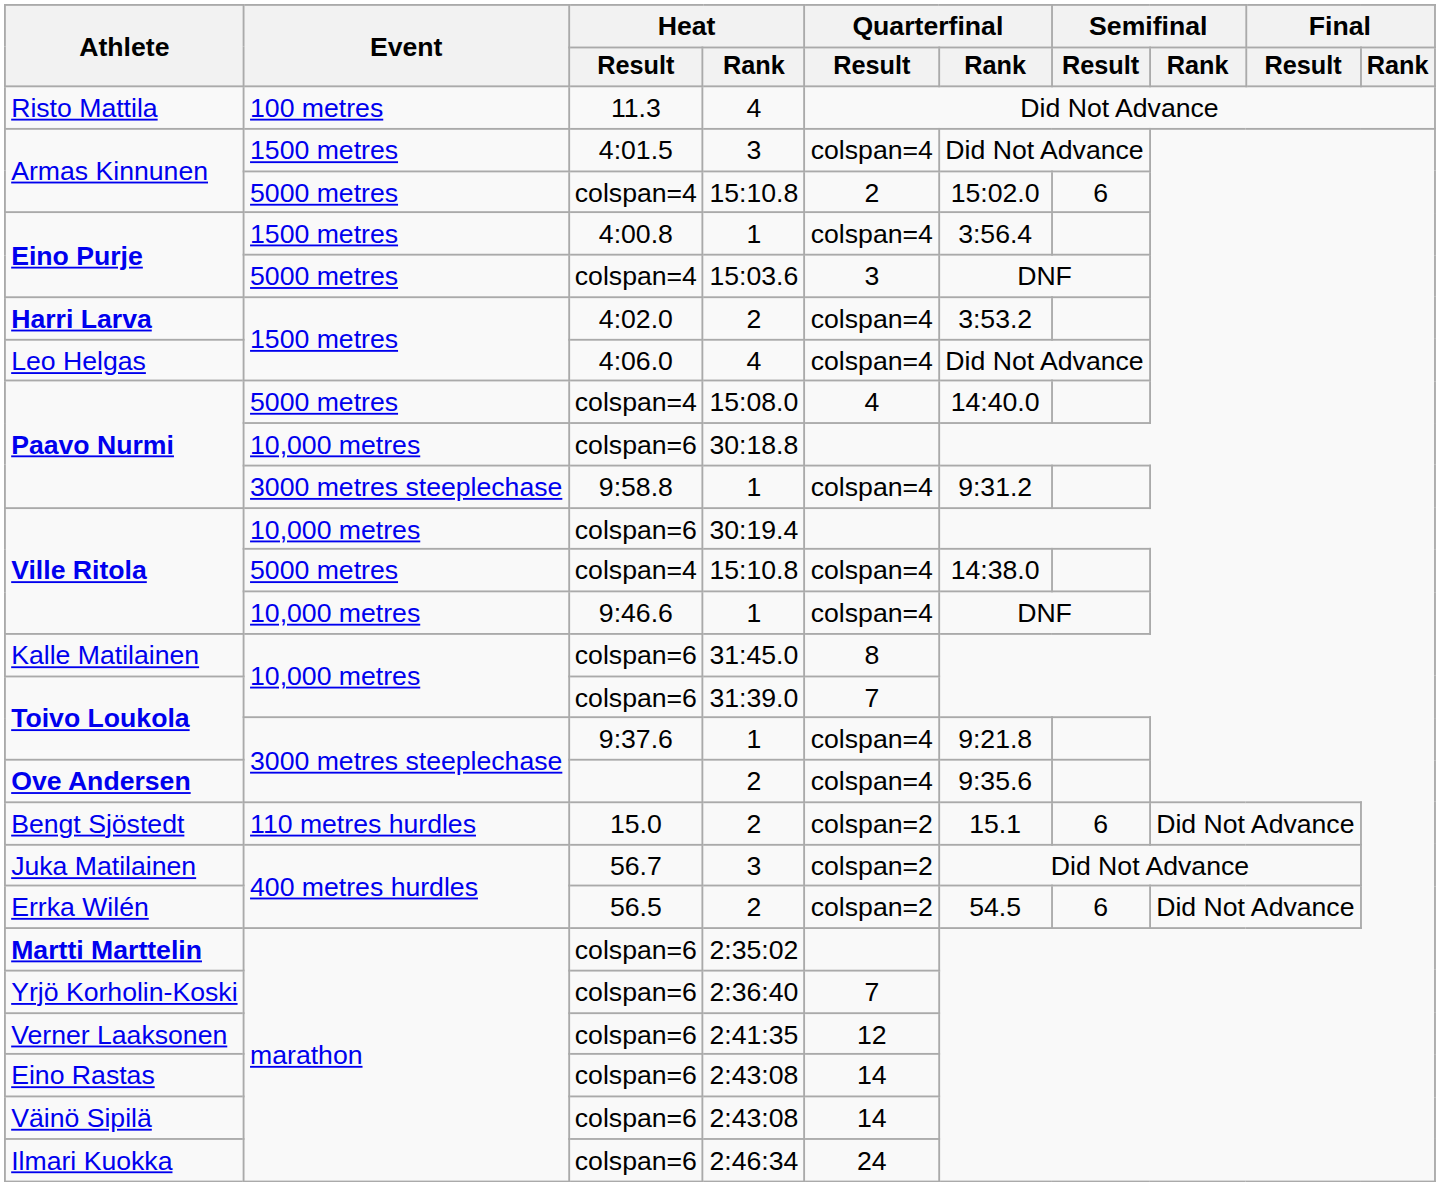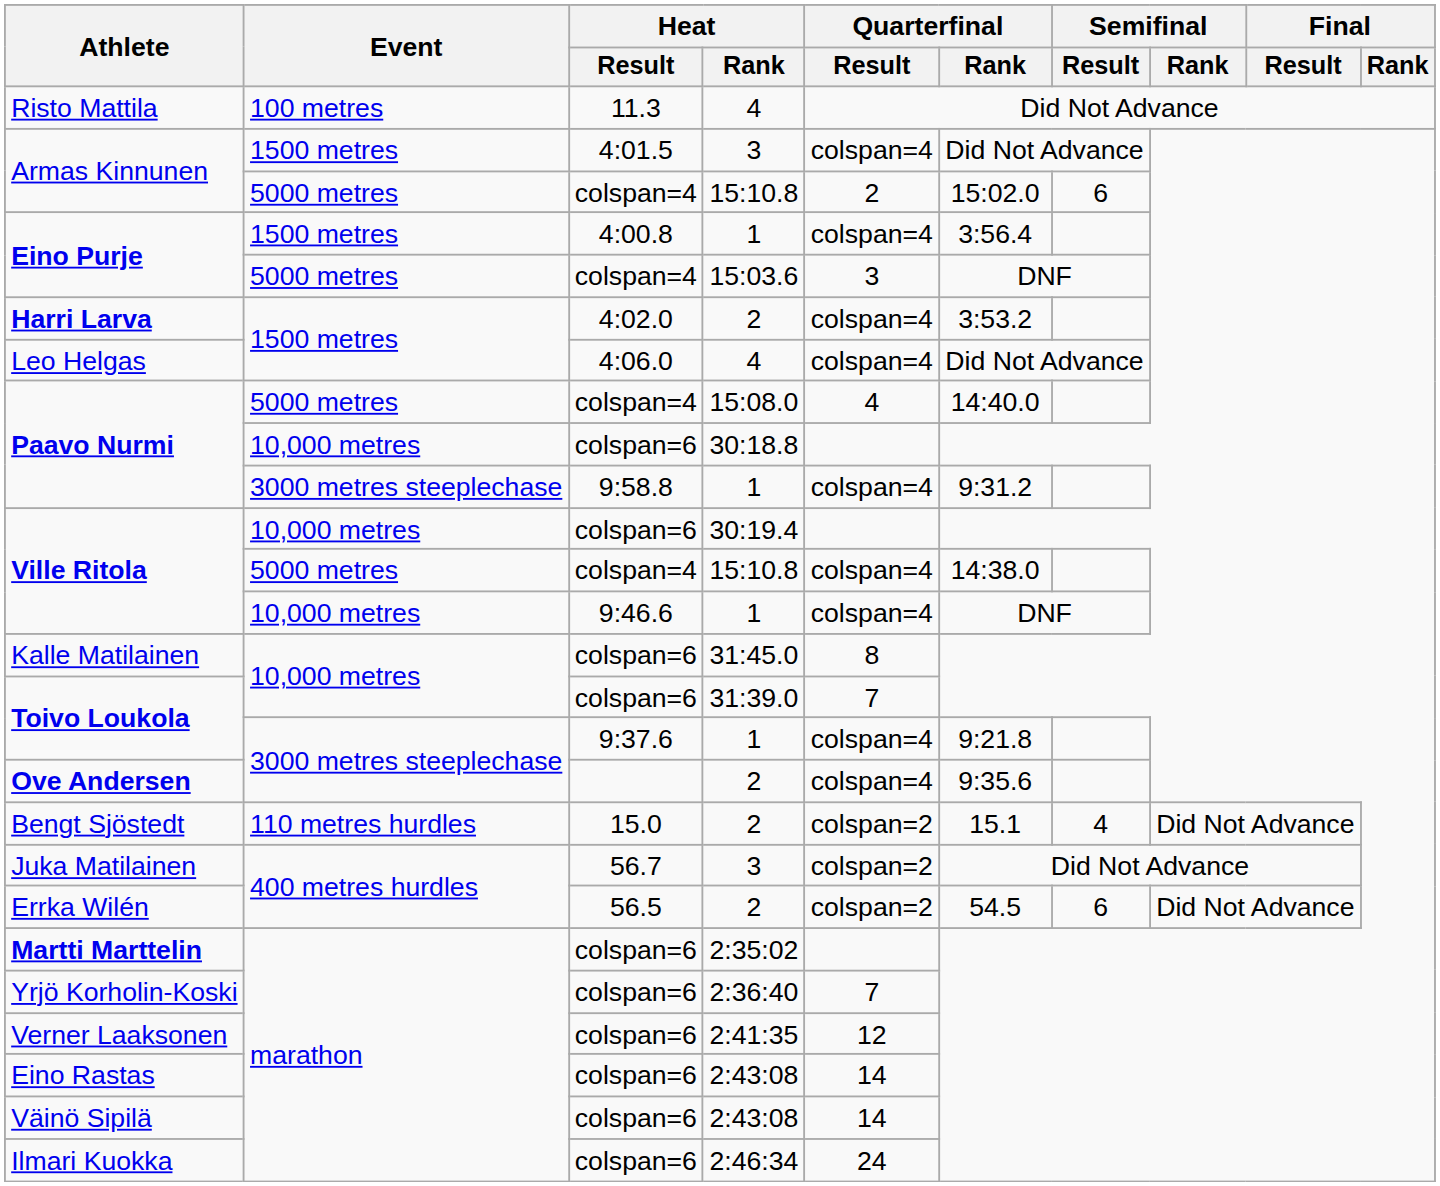 <table class=wikitable style="font-size:90%">
 <tr>
 <th rowspan="2">Athlete</th>
 <th rowspan="2">Event</th>
 <th colspan="2">Heat</th>
 <th colspan="2">Quarterfinal</th>
 <th colspan="2">Semifinal</th>
 <th colspan="2">Final</th>
 </tr>
 <tr style="font-size:95%">
 <th>Result</th>
 <th>Rank</th>
 <th>Result</th>
 <th>Rank</th>
 <th>Result</th>
 <th>Rank</th>
 <th>Result</th>
 <th>Rank</th>
 </tr>
 <tr align=center>
 <td align=left><a href='#'>Risto Mattila</a></td>
 <td align=left><a href='#'>100 metres</a></td>
 <td>11.3</td>
 <td>4</td>
 <td colspan=6>Did Not Advance</td>
 </tr>
 <tr align=center>
 <td align=left rowspan=2><a href='#'>Armas Kinnunen</a></td>
 <td align=left><a href='#'>1500 metres</a></td>
 <td>4:01.5</td>
 <td>3</td>
 <td>colspan=4 </td>
 <td colspan=2>Did Not Advance</td>
 </tr>
 <tr align=center>
 <td align=left><a href='#'>5000 metres</a></td>
 <td>colspan=4 </td>
 <td>15:10.8</td>
 <td>2</td>
 <td>15:02.0</td>
 <td>6</td>
 </tr>
 <tr align=center>
 <td align=left rowspan=2><strong><a href='#'>Eino Purje</a></strong></td>
 <td align=left><a href='#'>1500 metres</a></td>
 <td>4:00.8</td>
 <td>1</td>
 <td>colspan=4 </td>
 <td>3:56.4</td>
 <td></td>
 </tr>
 <tr align=center>
 <td align=left><a href='#'>5000 metres</a></td>
 <td>colspan=4 </td>
 <td>15:03.6</td>
 <td>3</td>
 <td colspan=2>DNF</td>
 </tr>
 <tr align=center>
 <td align=left><strong><a href='#'>Harri Larva</a></strong></td>
 <td align=left rowspan=2><a href='#'>1500 metres</a></td>
 <td>4:02.0</td>
 <td>2</td>
 <td>colspan=4 </td>
 <td>3:53.2</td>
 <td> </td>
 </tr>
 <tr align=center>
 <td align=left><a href='#'>Leo Helgas</a></td>
 <td>4:06.0</td>
 <td>4</td>
 <td>colspan=4 </td>
 <td colspan=2>Did Not Advance</td>
 </tr>
 <tr align=center>
 <td align=left rowspan=3><strong><a href='#'>Paavo Nurmi</a></strong></td>
 <td align=left><a href='#'>5000 metres</a></td>
 <td>colspan=4 </td>
 <td>15:08.0</td>
 <td>4</td>
 <td>14:40.0</td>
 <td></td>
 </tr>
 <tr align=center>
 <td align=left><a href='#'>10,000 metres</a></td>
 <td>colspan=6 </td>
 <td>30:18.8</td>
 <td> </td>
 </tr>
 <tr align=center>
 <td align=left><a href='#'>3000 metres steeplechase</a></td>
 <td>9:58.8</td>
 <td>1</td>
 <td>colspan=4 </td>
 <td>9:31.2</td>
 <td></td>
 </tr>
 <tr align=center>
 <td align=left rowspan=3><strong><a href='#'>Ville Ritola</a></strong></td>
 <td align=left><a href='#'>10,000 metres</a></td>
 <td>colspan=6 </td>
 <td>30:19.4</td>
 <td></td>
 </tr>
 <tr align=center>
 <td align=left><a href='#'>5000 metres</a></td>
 <td>colspan=4 </td>
 <td>15:10.8</td>
 <td>colspan=4 </td>
 <td>14:38.0</td>
 <td></td>
 </tr>
 <tr align=center>
 <td align=left><a href='#'>10,000 metres</a></td>
 <td>9:46.6</td>
 <td>1</td>
 <td>colspan=4 </td>
 <td colspan=2>DNF</td>
 </tr>
 <tr align=center>
 <td align=left><a href='#'>Kalle Matilainen</a></td>
 <td align=left rowspan=2><a href='#'>10,000 metres</a></td>
 <td>colspan=6 </td>
 <td>31:45.0</td>
 <td>8</td>
 </tr>
 <tr align=center>
 <td align=left rowspan=2><strong><a href='#'>Toivo Loukola</a></strong></td>
 <td>colspan=6 </td>
 <td>31:39.0</td>
 <td>7</td>
 </tr>
 <tr align=center>
 <td align=left rowspan=2><a href='#'>3000 metres steeplechase</a></td>
 <td>9:37.6</td>
 <td>1</td>
 <td>colspan=4 </td>
 <td>9:21.8</td>
 <td> </td>
 </tr>
 <tr align=center>
 <td align=left><strong><a href='#'>Ove Andersen</a></strong></td>
 <td></td>
 <td>2</td>
 <td>colspan=4 </td>
 <td>9:35.6</td>
 <td></td>
 </tr>
 <tr align=center>
 <td align=left><a href='#'>Bengt Sjöstedt</a></td>
 <td align=left><a href='#'>110 metres hurdles</a></td>
 <td>15.0</td>
 <td>2</td>
 <td>colspan=2 </td>
 <td>15.1</td>
-<td>6</td>
+<td>4</td>
 <td colspan=2>Did Not Advance</td>
 </tr>
 <tr align=center>
 <td align=left><a href='#'>Juka Matilainen</a></td>
 <td align=left rowspan=2><a href='#'>400 metres hurdles</a></td>
 <td>56.7</td>
 <td>3</td>
 <td>colspan=2 </td>
 <td colspan=4>Did Not Advance</td>
 </tr>
 <tr align=center>
 <td align=left><a href='#'>Errka Wilén</a></td>
 <td>56.5</td>
 <td>2</td>
 <td>colspan=2 </td>
 <td>54.5</td>
 <td>6</td>
 <td colspan=2>Did Not Advance</td>
 </tr>
 <tr align=center>
 <td align=left><strong><a href='#'>Martti Marttelin</a></strong></td>
 <td align=left rowspan=6><a href='#'>marathon</a></td>
 <td>colspan=6 </td>
 <td>2:35:02</td>
 <td></td>
 </tr>
 <tr align=center>
 <td align=left><a href='#'>Yrjö Korholin-Koski</a></td>
 <td>colspan=6 </td>
 <td>2:36:40</td>
 <td>7</td>
 </tr>
 <tr align=center>
 <td align=left><a href='#'>Verner Laaksonen</a></td>
 <td>colspan=6 </td>
 <td>2:41:35</td>
 <td>12</td>
 </tr>
 <tr align=center>
 <td align=left><a href='#'>Eino Rastas</a></td>
 <td>colspan=6 </td>
 <td>2:43:08</td>
 <td>14</td>
 </tr>
 <tr align=center>
 <td align=left><a href='#'>Väinö Sipilä</a></td>
 <td>colspan=6 </td>
 <td>2:43:08</td>
 <td>14</td>
 </tr>
 <tr align=center>
 <td align=left><a href='#'>Ilmari Kuokka</a></td>
 <td>colspan=6 </td>
 <td>2:46:34</td>
 <td>24</td>
 </tr>
 </table>
